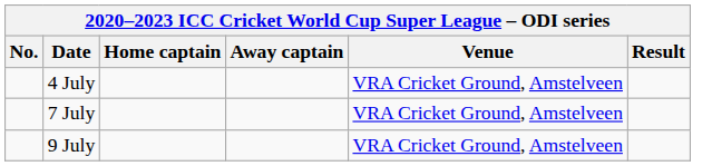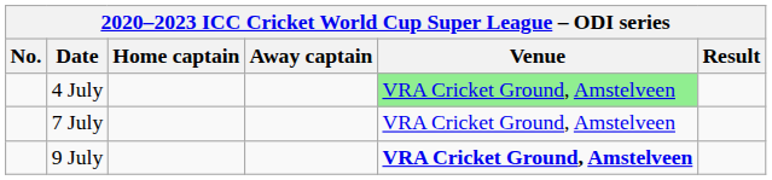 <table class="wikitable">
 <tr>
 <th colspan="9"><a href='#'>2020–2023 ICC Cricket World Cup Super League</a> – ODI series</th>
 </tr>
 <tr>
 <th>No.</th>
 <th>Date</th>
 <th>Home captain</th>
 <th>Away captain</th>
 <th>Venue</th>
 <th>Result</th>
 </tr>
 <tr>
 <td></td>
 <td>4 July</td>
 <td></td>
 <td></td>
-<td><a href='#'>VRA Cricket Ground</a>, <a href='#'>Amstelveen</a></td>
+<td style="background: lightgreen;"><a href='#'>VRA Cricket Ground</a>, <a href='#'>Amstelveen</a></td>
 <td></td>
 </tr>
 <tr>
 <td></td>
 <td>7 July</td>
 <td></td>
 <td></td>
 <td><a href='#'>VRA Cricket Ground</a>, <a href='#'>Amstelveen</a></td>
 <td></td>
 </tr>
 <tr>
 <td></td>
 <td>9 July</td>
 <td></td>
 <td></td>
-<td><a href='#'>VRA Cricket Ground</a>, <a href='#'>Amstelveen</a></td>
+<td><strong><a href='#'>VRA Cricket Ground</a>, <a href='#'>Amstelveen</a></strong></td>
 <td></td>
 </tr>
 </table>
